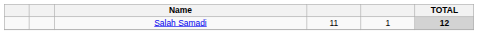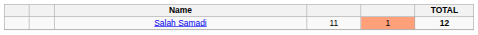 <table class="wikitable sortable alternance"  style="font-size:85%; text-align:center; line-height:14px; width:60%;">
 <tr>
 <th width=15></th>
 <th width=15></th>
 <th width=210>Name</th>
 <th width=40></th>
 <th width=40></th>
 <th width=40>TOTAL</th>
 </tr>
 <tr>
 <td></td>
 <td></td>
 <td><a href='#'>Salah Samadi</a></td>
 <td>11</td>
-<td>1</td>
-<td style="background: lightgrey;"><strong>12</strong></td>
+<td style="background: lightsalmon;">1</td>
+<td><strong>12</strong></td>
 </tr>
 <tr>
 </tr>
 </table>
